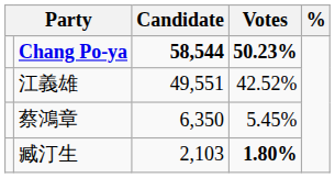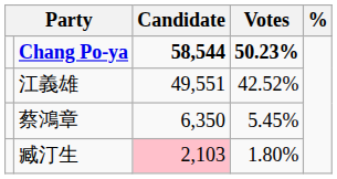 <table class="wikitable">
 <tr>
 <th colspan="2">Party</th>
 <th>Candidate</th>
 <th>Votes</th>
 <th>%</th>
 </tr>
 <tr>
 <td></td>
 <td><strong><a href='#'>Chang Po-ya</a></strong></td>
 <td align="right"><strong>58,544</strong></td>
 <td align="right"><strong>50.23%</strong></td>
 </tr>
 <tr>
 <td></td>
 <td>江義雄</td>
 <td align="right">49,551</td>
 <td align="right">42.52%</td>
 </tr>
 <tr>
 <td></td>
 <td>蔡鴻章</td>
 <td align="right">6,350</td>
 <td align="right">5.45%</td>
 </tr>
 <tr>
 <td></td>
 <td>臧汀生</td>
-<td align="right">2,103</td>
-<td align="right"><strong>1.80%</strong></td>
+<td align="right" style="background: pink;">2,103</td>
+<td align="right">1.80%</td>
 </tr>
 </table>
